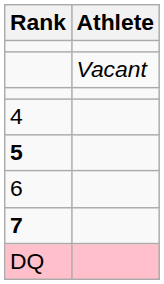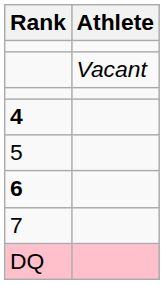 <table class="wikitable" style="text-align:left">
 <tr>
 <th>Rank</th>
 <th>Athlete</th>
 </tr>
 <tr>
 <td></td>
 <td></td>
 </tr>
 <tr>
 <td></td>
 <td><em>Vacant</em></td>
 </tr>
 <tr>
 <td></td>
 <td></td>
 </tr>
 <tr>
-<td>4</td>
+<td><strong>4</strong></td>
 <td></td>
 </tr>
 <tr>
-<td><strong>5</strong></td>
+<td>5</td>
 <td></td>
 </tr>
 <tr>
-<td>6</td>
+<td><strong>6</strong></td>
 <td></td>
 </tr>
 <tr>
-<td><strong>7</strong></td>
+<td>7</td>
 <td></td>
 </tr>
 <tr bgcolor=pink>
 <td>DQ</td>
 <td></td>
 </tr>
 </table>
